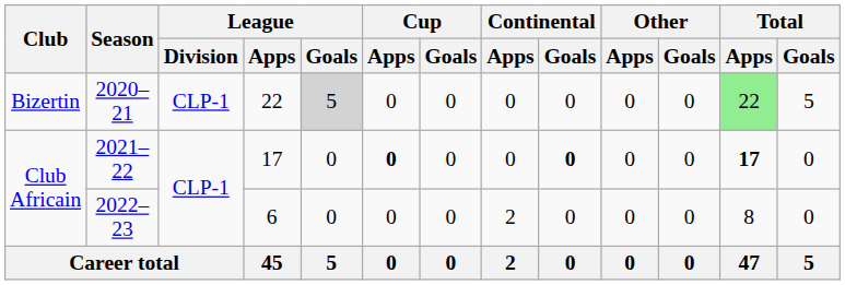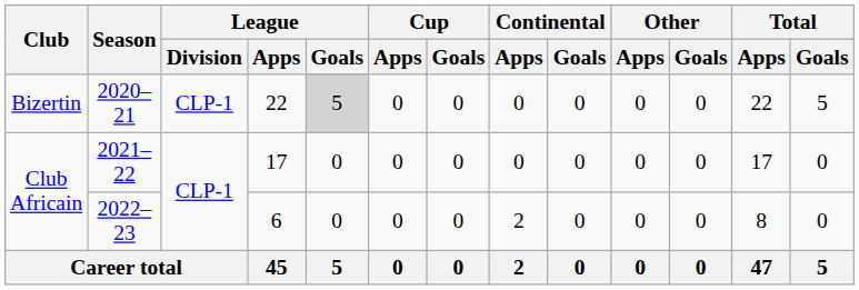 <table class="wikitable" style="text-align: center">
 <tr>
 <th rowspan="2">Club</th>
 <th rowspan="2">Season</th>
 <th colspan="3">League</th>
 <th colspan="2">Cup</th>
 <th colspan="2">Continental</th>
 <th colspan="2">Other</th>
 <th colspan="2">Total</th>
 </tr>
 <tr>
 <th>Division</th>
 <th>Apps</th>
 <th>Goals</th>
 <th>Apps</th>
 <th>Goals</th>
 <th>Apps</th>
 <th>Goals</th>
 <th>Apps</th>
 <th>Goals</th>
 <th>Apps</th>
 <th>Goals</th>
 </tr>
 <tr>
 <td><a href='#'>Bizertin</a></td>
 <td><a href='#'>2020–21</a></td>
 <td><a href='#'>CLP-1</a></td>
 <td>22</td>
 <td style="background: lightgrey;">5</td>
 <td>0</td>
 <td>0</td>
 <td>0</td>
 <td>0</td>
 <td>0</td>
 <td>0</td>
-<td style="background: lightgreen;">22</td>
+<td>22</td>
 <td>5</td>
 </tr>
 <tr>
 <td rowspan="2"><a href='#'>Club Africain</a></td>
 <td><a href='#'>2021–22</a></td>
 <td rowspan="2"><a href='#'>CLP-1</a></td>
 <td>17</td>
 <td>0</td>
-<td><strong>0</strong></td>
 <td>0</td>
 <td>0</td>
-<td><strong>0</strong></td>
 <td>0</td>
 <td>0</td>
-<td><strong>17</strong></td>
+<td>0</td>
+<td>0</td>
+<td>17</td>
 <td>0</td>
 </tr>
 <tr>
 <td><a href='#'>2022–23</a></td>
 <td>6</td>
 <td>0</td>
 <td>0</td>
 <td>0</td>
 <td>2</td>
 <td>0</td>
 <td>0</td>
 <td>0</td>
 <td>8</td>
 <td>0</td>
 </tr>
 <tr>
 <th colspan="3"><strong>Career total</strong></th>
 <th>45</th>
 <th>5</th>
 <th>0</th>
 <th>0</th>
 <th>2</th>
 <th>0</th>
 <th>0</th>
 <th>0</th>
 <th>47</th>
 <th>5</th>
 </tr>
 </table>
